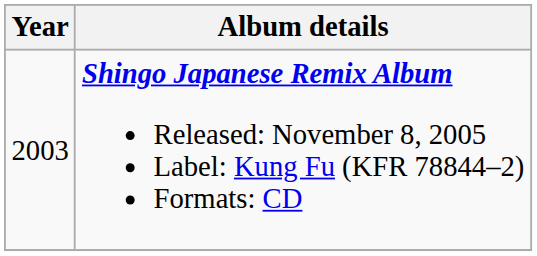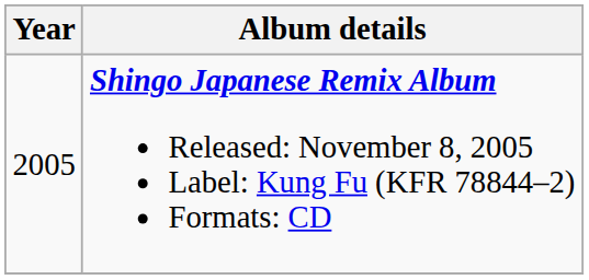 <table class ="wikitable">
 <tr>
 <th>Year</th>
 <th>Album details</th>
 </tr>
 <tr>
-<td>2003</td>
+<td>2005</td>
 <td><strong><em><a href='#'>Shingo Japanese Remix Album</a></em></strong><br><ul><li>Released: November 8, 2005</li><li>Label: <a href='#'>Kung Fu</a> (KFR 78844–2)</li><li>Formats: <a href='#'>CD</a></li></ul></td>
 </tr>
 <tr>
 </tr>
 </table>
